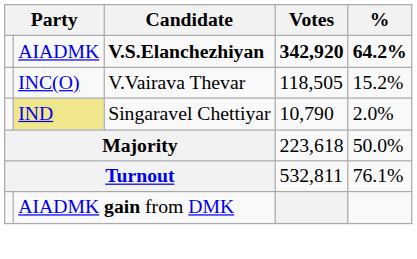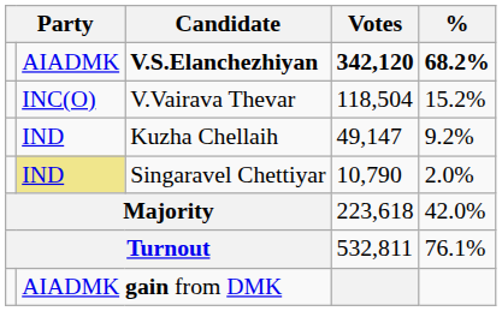 <table class="wikitable">
 <tr>
 <th colspan="2">Party</th>
 <th>Candidate</th>
 <th>Votes</th>
 <th>%</th>
 </tr>
 <tr>
 <td></td>
 <td><a href='#'>AIADMK</a></td>
 <td><strong>V.S.Elanchezhiyan</strong></td>
-<td><strong>342,920</strong></td>
-<td><strong>64.2%</strong></td>
+<td><strong>342,120</strong></td>
+<td><strong>68.2%</strong></td>
 </tr>
 <tr>
 <td></td>
 <td><a href='#'>INC(O)</a></td>
 <td>V.Vairava Thevar</td>
-<td>118,505</td>
+<td>118,504</td>
 <td>15.2%</td>
+</tr>
+<tr>
+<td></td>
+<td><a href='#'>IND</a></td>
+<td>Kuzha Chellaih</td>
+<td>49,147</td>
+<td>9.2%</td>
 </tr>
 <tr>
 <td></td>
 <td style="background: khaki;"><a href='#'>IND</a></td>
 <td>Singaravel Chettiyar</td>
 <td>10,790</td>
 <td>2.0%</td>
 </tr>
 <tr>
 <th colspan="3">Majority</th>
 <td>223,618</td>
-<td>50.0%</td>
+<td>42.0%</td>
 </tr>
 <tr>
 <th colspan="3"><a href='#'>Turnout</a></th>
 <td>532,811</td>
 <td>76.1%</td>
 </tr>
 <tr>
 <td></td>
 <td colspan="2"><a href='#'>AIADMK</a> <strong>gain</strong> from <a href='#'>DMK</a></td>
 <th></th>
 <td></td>
 </tr>
 </table>
